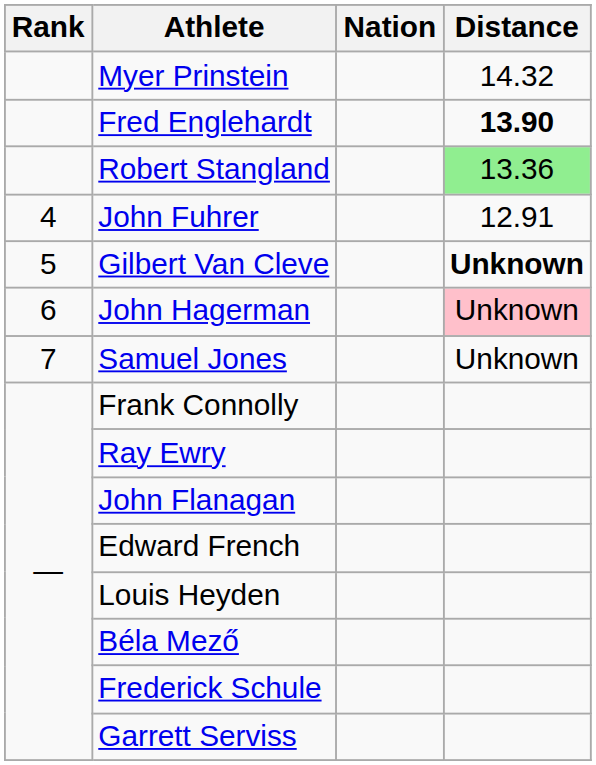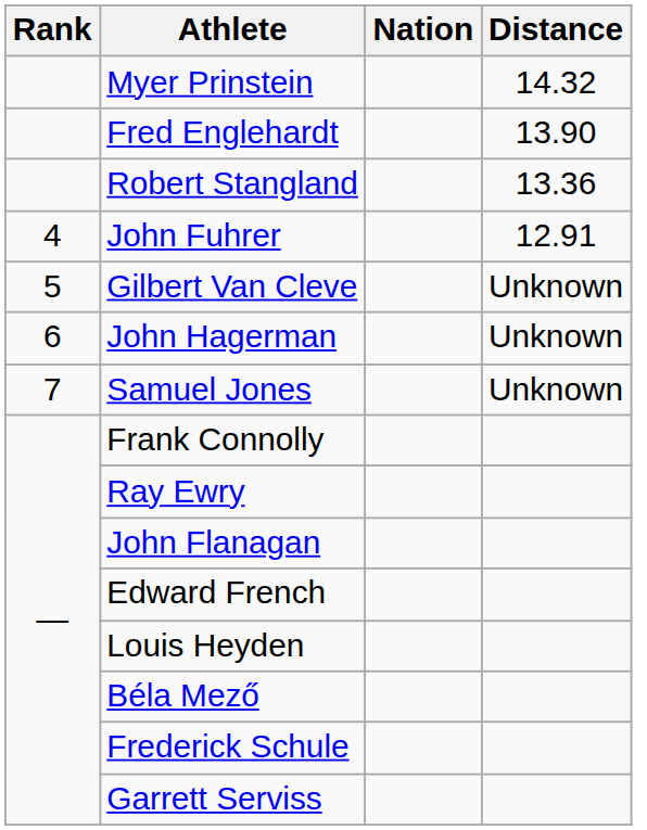 <table class="wikitable sortable" style="text-align:center">
 <tr>
 <th>Rank</th>
 <th>Athlete</th>
 <th>Nation</th>
 <th>Distance</th>
 </tr>
 <tr>
 <td></td>
 <td align=left><a href='#'>Myer Prinstein</a></td>
 <td align=left></td>
 <td>14.32</td>
 </tr>
 <tr>
 <td></td>
 <td align=left><a href='#'>Fred Englehardt</a></td>
 <td align=left></td>
-<td><strong>13.90</strong></td>
+<td>13.90</td>
 </tr>
 <tr>
 <td></td>
 <td align=left><a href='#'>Robert Stangland</a></td>
 <td align=left></td>
-<td style="background: lightgreen;">13.36</td>
+<td>13.36</td>
 </tr>
 <tr>
 <td>4</td>
 <td align=left><a href='#'>John Fuhrer</a></td>
 <td align=left></td>
 <td>12.91</td>
 </tr>
 <tr>
 <td>5</td>
 <td align=left><a href='#'>Gilbert Van Cleve</a></td>
 <td align=left></td>
-<td data-sort-value=1.00><strong>Unknown</strong></td>
+<td data-sort-value=1.00>Unknown</td>
 </tr>
 <tr>
 <td>6</td>
 <td align=left><a href='#'>John Hagerman</a></td>
 <td align=left></td>
-<td data-sort-value=1.00 style="background: pink;">Unknown</td>
+<td data-sort-value=1.00>Unknown</td>
 </tr>
 <tr>
 <td>7</td>
 <td align=left><a href='#'>Samuel Jones</a></td>
 <td align=left></td>
 <td data-sort-value=1.00>Unknown</td>
 </tr>
 <tr>
 <td rowspan=8 data-sort-value=8>—</td>
 <td align=left>Frank Connolly</td>
 <td align=left></td>
 <td data-sort-value=0.00></td>
 </tr>
 <tr>
 <td align=left><a href='#'>Ray Ewry</a></td>
 <td align=left></td>
 <td data-sort-value=0.00></td>
 </tr>
 <tr>
 <td align=left><a href='#'>John Flanagan</a></td>
 <td align=left></td>
 <td data-sort-value=0.00></td>
 </tr>
 <tr>
 <td align=left>Edward French</td>
 <td align=left></td>
 <td data-sort-value=0.00></td>
 </tr>
 <tr>
 <td align=left>Louis Heyden</td>
 <td align=left></td>
 <td data-sort-value=0.00></td>
 </tr>
 <tr>
 <td align=left><a href='#'>Béla Mező</a></td>
 <td align=left></td>
 <td data-sort-value=0.00></td>
 </tr>
 <tr>
 <td align=left><a href='#'>Frederick Schule</a></td>
 <td align=left></td>
 <td data-sort-value=0.00></td>
 </tr>
 <tr>
 <td align=left><a href='#'>Garrett Serviss</a></td>
 <td align=left></td>
 <td data-sort-value=0.00></td>
 </tr>
 </table>
